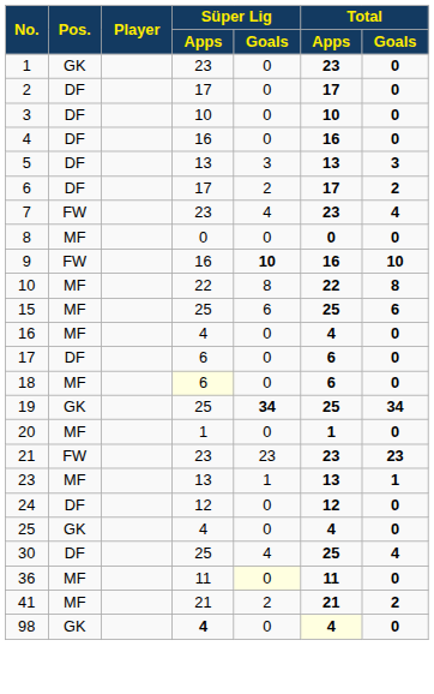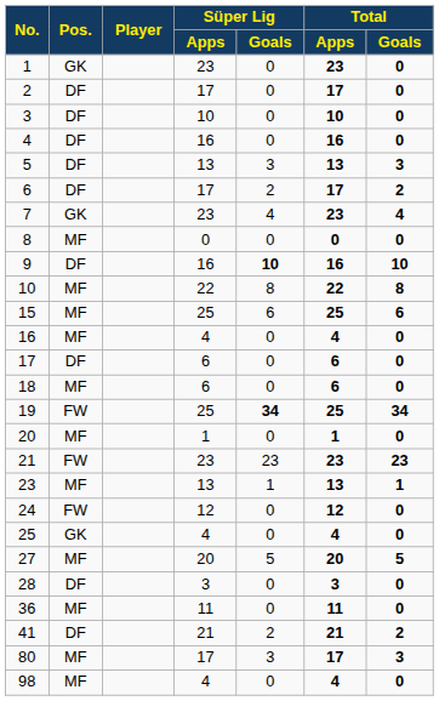 <table class="wikitable sortable" style="text-align:center;width:35%;">
 <tr>
 <th rowspan=2 style="background:#133A61; color:#FFED00; ">No.</th>
 <th rowspan=2 style="background:#133A61; color:#FFED00; ">Pos.</th>
 <th rowspan=2 style="background:#133A61; color:#FFED00; ">Player</th>
 <th colspan=2 style="background:#133A61; color:#FFED00; ">Süper Lig</th>
 <th colspan=2 style="background:#133A61; color:#FFED00; ">Total</th>
 </tr>
 <tr>
 <th style="background:#133A61; color:#FFED00; ">Apps</th>
 <th style="background:#133A61; color:#FFED00; ">Goals</th>
 <th style="background:#133A61; color:#FFED00; ">Apps</th>
 <th style="background:#133A61; color:#FFED00; ">Goals</th>
 </tr>
 <tr>
 <td>1</td>
 <td>GK</td>
 <td align=left> </td>
 <td>23</td>
 <td>0</td>
 <td><strong>23</strong></td>
 <td><strong>0</strong></td>
 </tr>
 <tr>
 <td>2</td>
 <td>DF</td>
 <td align=left> </td>
 <td>17</td>
 <td>0</td>
 <td><strong>17</strong></td>
 <td><strong>0</strong></td>
 </tr>
 <tr>
 <td>3</td>
 <td>DF</td>
 <td align=left> </td>
 <td>10</td>
 <td>0</td>
 <td><strong>10</strong></td>
 <td><strong>0</strong></td>
 </tr>
 <tr>
 <td>4</td>
 <td>DF</td>
 <td align=left> </td>
 <td>16</td>
 <td>0</td>
 <td><strong>16</strong></td>
 <td><strong>0</strong></td>
 </tr>
 <tr>
 <td>5</td>
 <td>DF</td>
 <td align=left> </td>
 <td>13</td>
 <td>3</td>
 <td><strong>13</strong></td>
 <td><strong>3</strong></td>
 </tr>
 <tr>
 <td>6</td>
 <td>DF</td>
 <td align=left> </td>
 <td>17</td>
 <td>2</td>
 <td><strong>17</strong></td>
 <td><strong>2</strong></td>
 </tr>
 <tr>
 <td>7</td>
-<td>FW</td>
+<td>GK</td>
 <td align=left> </td>
 <td>23</td>
 <td>4</td>
 <td><strong>23</strong></td>
 <td><strong>4</strong></td>
 </tr>
 <tr>
 <td>8</td>
 <td>MF</td>
 <td align=left> </td>
 <td>0</td>
 <td>0</td>
 <td><strong>0</strong></td>
 <td><strong>0</strong></td>
 </tr>
 <tr>
 <td>9</td>
-<td>FW</td>
+<td>DF</td>
 <td align=left> </td>
 <td>16</td>
 <td><strong>10</strong></td>
 <td><strong>16</strong></td>
 <td><strong>10</strong></td>
 </tr>
 <tr>
 <td>10</td>
 <td>MF</td>
 <td align=left> </td>
 <td>22</td>
 <td>8</td>
 <td><strong>22</strong></td>
 <td><strong>8</strong></td>
 </tr>
 <tr>
 <td>15</td>
 <td>MF</td>
 <td align=left> </td>
 <td>25</td>
 <td>6</td>
 <td><strong>25</strong></td>
 <td><strong>6</strong></td>
 </tr>
 <tr>
 <td>16</td>
 <td>MF</td>
 <td align=left> </td>
 <td>4</td>
 <td>0</td>
 <td><strong>4</strong></td>
 <td><strong>0</strong></td>
 </tr>
 <tr>
 <td>17</td>
 <td>DF</td>
 <td align=left> </td>
 <td>6</td>
 <td>0</td>
 <td><strong>6</strong></td>
 <td><strong>0</strong></td>
 </tr>
 <tr>
 <td>18</td>
 <td>MF</td>
 <td align=left> </td>
-<td style="background: lightyellow;">6</td>
+<td>6</td>
 <td>0</td>
 <td><strong>6</strong></td>
 <td><strong>0</strong></td>
 </tr>
 <tr>
 <td>19</td>
-<td>GK</td>
+<td>FW</td>
 <td align=left> </td>
 <td>25</td>
 <td><strong>34</strong></td>
 <td><strong>25</strong></td>
 <td><strong>34</strong></td>
 </tr>
 <tr>
 <td>20</td>
 <td>MF</td>
 <td align=left> </td>
 <td>1</td>
 <td>0</td>
 <td><strong>1</strong></td>
 <td><strong>0</strong></td>
 </tr>
 <tr>
 <td>21</td>
 <td>FW</td>
 <td align=left> </td>
 <td>23</td>
 <td>23</td>
 <td><strong>23</strong></td>
 <td><strong>23</strong></td>
 </tr>
 <tr>
 <td>23</td>
 <td>MF</td>
 <td align=left> </td>
 <td>13</td>
 <td>1</td>
 <td><strong>13</strong></td>
 <td><strong>1</strong></td>
 </tr>
 <tr>
 <td>24</td>
-<td>DF</td>
+<td>FW</td>
 <td align=left> </td>
 <td>12</td>
 <td>0</td>
 <td><strong>12</strong></td>
 <td><strong>0</strong></td>
 </tr>
 <tr>
 <td>25</td>
 <td>GK</td>
 <td align=left> </td>
 <td>4</td>
 <td>0</td>
 <td><strong>4</strong></td>
 <td><strong>0</strong></td>
 </tr>
 <tr>
-<td>30</td>
+<td>27</td>
+<td>MF</td>
+<td align=left> </td>
+<td>20</td>
+<td>5</td>
+<td><strong>20</strong></td>
+<td><strong>5</strong></td>
+</tr>
+<tr>
+<td>28</td>
 <td>DF</td>
 <td align=left> </td>
-<td>25</td>
-<td>4</td>
-<td><strong>25</strong></td>
-<td><strong>4</strong></td>
+<td>3</td>
+<td>0</td>
+<td><strong>3</strong></td>
+<td><strong>0</strong></td>
 </tr>
 <tr>
 <td>36</td>
 <td>MF</td>
 <td align=left> </td>
 <td>11</td>
-<td style="background: lightyellow;">0</td>
+<td>0</td>
 <td><strong>11</strong></td>
 <td><strong>0</strong></td>
 </tr>
 <tr>
 <td>41</td>
-<td>MF</td>
+<td>DF</td>
 <td align=left> </td>
 <td>21</td>
 <td>2</td>
 <td><strong>21</strong></td>
 <td><strong>2</strong></td>
 </tr>
 <tr>
+<td>80</td>
+<td>MF</td>
+<td align=left> </td>
+<td>17</td>
+<td>3</td>
+<td><strong>17</strong></td>
+<td><strong>3</strong></td>
+</tr>
+<tr>
 <td>98</td>
-<td>GK</td>
+<td>MF</td>
 <td align=left> </td>
+<td>4</td>
+<td>0</td>
 <td><strong>4</strong></td>
-<td>0</td>
-<td style="background: lightyellow;"><strong>4</strong></td>
 <td><strong>0</strong></td>
 </tr>
 </table>
